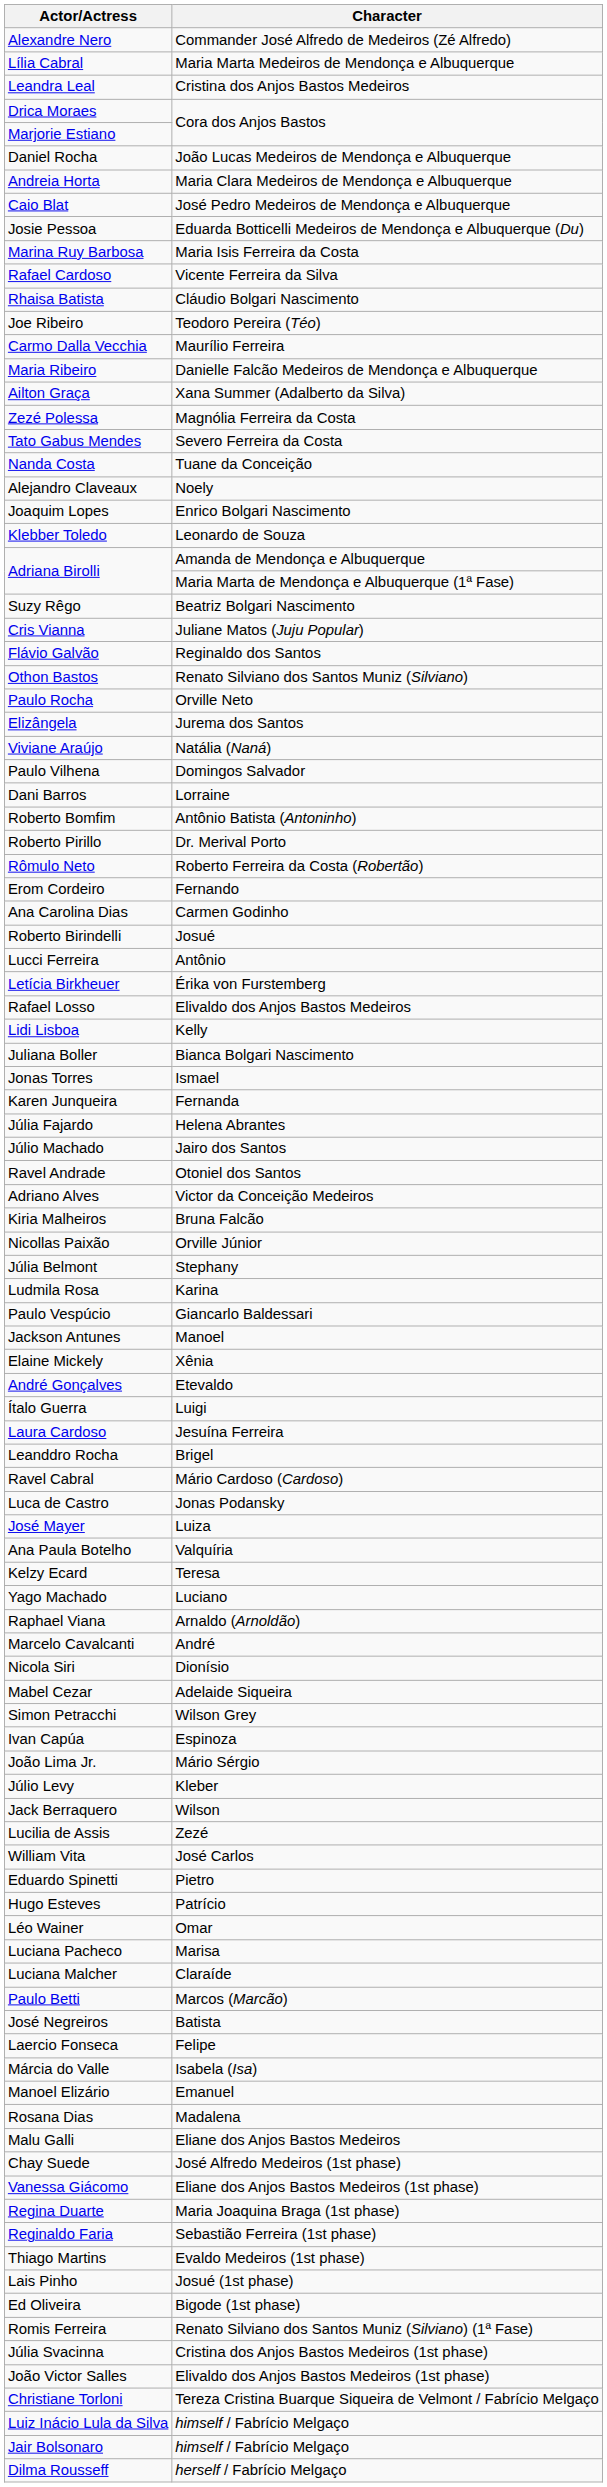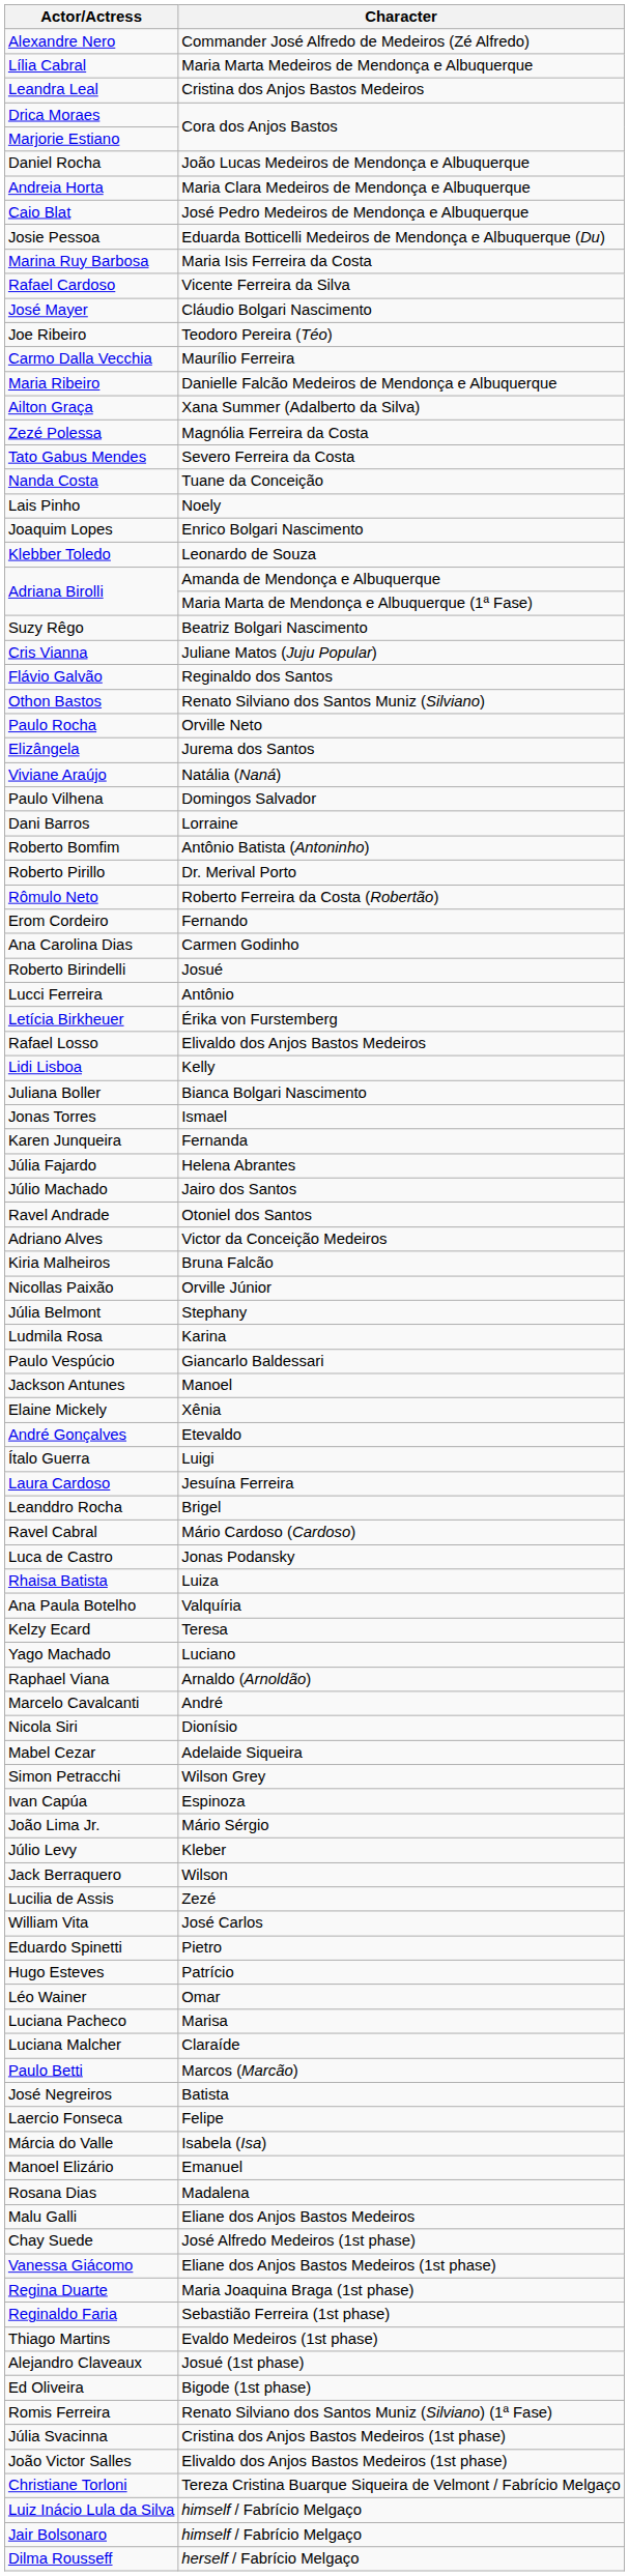 <table class="wikitable">
 <tr>
 <th>Actor/Actress</th>
 <th>Character</th>
 </tr>
 <tr>
 <td><a href='#'>Alexandre Nero</a></td>
 <td>Commander José Alfredo de Medeiros (Zé Alfredo)</td>
 </tr>
 <tr>
 <td><a href='#'>Lília Cabral</a></td>
 <td>Maria Marta Medeiros de Mendonça e Albuquerque</td>
 </tr>
 <tr>
 <td><a href='#'>Leandra Leal</a></td>
 <td>Cristina dos Anjos Bastos Medeiros</td>
 </tr>
 <tr>
 <td><a href='#'>Drica Moraes</a></td>
 <td rowspan="2">Cora dos Anjos Bastos</td>
 </tr>
 <tr>
 <td><a href='#'>Marjorie Estiano</a></td>
 </tr>
 <tr>
 <td>Daniel Rocha</td>
 <td>João Lucas Medeiros de Mendonça e Albuquerque</td>
 </tr>
 <tr>
 <td><a href='#'>Andreia Horta</a></td>
 <td>Maria Clara Medeiros de Mendonça e Albuquerque</td>
 </tr>
 <tr>
 <td><a href='#'>Caio Blat</a></td>
 <td>José Pedro Medeiros de Mendonça e Albuquerque</td>
 </tr>
 <tr>
 <td>Josie Pessoa</td>
 <td>Eduarda Botticelli Medeiros de Mendonça e Albuquerque (<em>Du</em>)</td>
 </tr>
 <tr>
 <td><a href='#'>Marina Ruy Barbosa</a></td>
 <td>Maria Isis Ferreira da Costa</td>
 </tr>
 <tr>
 <td><a href='#'>Rafael Cardoso</a></td>
 <td>Vicente Ferreira da Silva</td>
 </tr>
 <tr>
-<td><a href='#'>Rhaisa Batista</a></td>
+<td><a href='#'>José Mayer</a></td>
 <td>Cláudio Bolgari Nascimento</td>
 </tr>
 <tr>
 <td>Joe Ribeiro</td>
 <td>Teodoro Pereira (<em>Téo</em>)</td>
 </tr>
 <tr>
 <td><a href='#'>Carmo Dalla Vecchia</a></td>
 <td>Maurílio Ferreira</td>
 </tr>
 <tr>
 <td><a href='#'>Maria Ribeiro</a></td>
 <td>Danielle Falcão Medeiros de Mendonça e Albuquerque</td>
 </tr>
 <tr>
 <td><a href='#'>Ailton Graça</a></td>
 <td>Xana Summer (Adalberto da Silva)</td>
 </tr>
 <tr>
 <td><a href='#'>Zezé Polessa</a></td>
 <td>Magnólia Ferreira da Costa</td>
 </tr>
 <tr>
 <td><a href='#'>Tato Gabus Mendes</a></td>
 <td>Severo Ferreira da Costa</td>
 </tr>
 <tr>
 <td><a href='#'>Nanda Costa</a></td>
 <td>Tuane da Conceição</td>
 </tr>
 <tr>
-<td>Alejandro Claveaux</td>
+<td>Lais Pinho</td>
 <td>Noely</td>
 </tr>
 <tr>
 <td>Joaquim Lopes</td>
 <td>Enrico Bolgari Nascimento</td>
 </tr>
 <tr>
 <td><a href='#'>Klebber Toledo</a></td>
 <td>Leonardo de Souza</td>
 </tr>
 <tr>
 <td rowspan="2"><a href='#'>Adriana Birolli</a></td>
 <td>Amanda de Mendonça e Albuquerque</td>
 </tr>
 <tr>
 <td>Maria Marta de Mendonça e Albuquerque (1ª Fase)</td>
 </tr>
 <tr>
 <td>Suzy Rêgo</td>
 <td>Beatriz Bolgari Nascimento</td>
 </tr>
 <tr>
 <td><a href='#'>Cris Vianna</a></td>
 <td>Juliane Matos (<em>Juju Popular</em>)</td>
 </tr>
 <tr>
 <td><a href='#'>Flávio Galvão</a></td>
 <td>Reginaldo dos Santos</td>
 </tr>
 <tr>
 <td><a href='#'>Othon Bastos</a></td>
 <td>Renato Silviano dos Santos Muniz (<em>Silviano</em>)</td>
 </tr>
 <tr>
 <td><a href='#'>Paulo Rocha</a></td>
 <td>Orville Neto</td>
 </tr>
 <tr>
 <td><a href='#'>Elizângela</a></td>
 <td>Jurema dos Santos</td>
 </tr>
 <tr>
 <td><a href='#'>Viviane Araújo</a></td>
 <td>Natália (<em>Naná</em>)</td>
 </tr>
 <tr>
 <td>Paulo Vilhena</td>
 <td>Domingos Salvador</td>
 </tr>
 <tr>
 <td>Dani Barros</td>
 <td>Lorraine</td>
 </tr>
 <tr>
 <td>Roberto Bomfim</td>
 <td>Antônio Batista (<em>Antoninho</em>)</td>
 </tr>
 <tr>
 <td>Roberto Pirillo</td>
 <td>Dr. Merival Porto</td>
 </tr>
 <tr>
 <td><a href='#'>Rômulo Neto</a></td>
 <td>Roberto Ferreira da Costa (<em>Robertão</em>)</td>
 </tr>
 <tr>
 <td>Erom Cordeiro</td>
 <td>Fernando</td>
 </tr>
 <tr>
 <td>Ana Carolina Dias</td>
 <td>Carmen Godinho</td>
 </tr>
 <tr>
 <td>Roberto Birindelli</td>
 <td>Josué</td>
 </tr>
 <tr>
 <td>Lucci Ferreira</td>
 <td>Antônio</td>
 </tr>
 <tr>
 <td><a href='#'>Letícia Birkheuer</a></td>
 <td>Érika von Furstemberg</td>
 </tr>
 <tr>
 <td>Rafael Losso</td>
 <td>Elivaldo dos Anjos Bastos Medeiros</td>
 </tr>
 <tr>
 <td><a href='#'>Lidi Lisboa</a></td>
 <td>Kelly</td>
 </tr>
 <tr>
 <td>Juliana Boller</td>
 <td>Bianca Bolgari Nascimento</td>
 </tr>
 <tr>
 <td>Jonas Torres</td>
 <td>Ismael</td>
 </tr>
 <tr>
 <td>Karen Junqueira</td>
 <td>Fernanda</td>
 </tr>
 <tr>
 <td>Júlia Fajardo</td>
 <td>Helena Abrantes</td>
 </tr>
 <tr>
 <td>Júlio Machado</td>
 <td>Jairo dos Santos</td>
 </tr>
 <tr>
 <td>Ravel Andrade</td>
 <td>Otoniel dos Santos</td>
 </tr>
 <tr>
 <td>Adriano Alves</td>
 <td>Victor da Conceição Medeiros</td>
 </tr>
 <tr>
 <td>Kiria Malheiros</td>
 <td>Bruna Falcão</td>
 </tr>
 <tr>
 <td>Nicollas Paixão</td>
 <td>Orville Júnior</td>
 </tr>
 <tr>
 <td>Júlia Belmont</td>
 <td>Stephany</td>
 </tr>
 <tr>
 <td>Ludmila Rosa</td>
 <td>Karina</td>
 </tr>
 <tr>
 <td>Paulo Vespúcio</td>
 <td>Giancarlo Baldessari</td>
 </tr>
 <tr>
 <td>Jackson Antunes</td>
 <td>Manoel</td>
 </tr>
 <tr>
 <td>Elaine Mickely</td>
 <td>Xênia</td>
 </tr>
 <tr>
 <td><a href='#'>André Gonçalves</a></td>
 <td>Etevaldo</td>
 </tr>
 <tr>
 <td>Ítalo Guerra</td>
 <td>Luigi</td>
 </tr>
 <tr>
 <td><a href='#'>Laura Cardoso</a></td>
 <td>Jesuína Ferreira</td>
 </tr>
 <tr>
 <td>Leanddro Rocha</td>
 <td>Brigel</td>
 </tr>
 <tr>
 <td>Ravel Cabral</td>
 <td>Mário Cardoso (<em>Cardoso</em>)</td>
 </tr>
 <tr>
 <td>Luca de Castro</td>
 <td>Jonas Podansky</td>
 </tr>
 <tr>
-<td><a href='#'>José Mayer</a></td>
+<td><a href='#'>Rhaisa Batista</a></td>
 <td>Luiza</td>
 </tr>
 <tr>
 <td>Ana Paula Botelho</td>
 <td>Valquíria</td>
 </tr>
 <tr>
 <td>Kelzy Ecard</td>
 <td>Teresa</td>
 </tr>
 <tr>
 <td>Yago Machado</td>
 <td>Luciano</td>
 </tr>
 <tr>
 <td>Raphael Viana</td>
 <td>Arnaldo (<em>Arnoldão</em>)</td>
 </tr>
 <tr>
 <td>Marcelo Cavalcanti</td>
 <td>André</td>
 </tr>
 <tr>
 <td>Nicola Siri</td>
 <td>Dionísio</td>
 </tr>
 <tr>
 <td>Mabel Cezar</td>
 <td>Adelaide Siqueira</td>
 </tr>
 <tr>
 <td>Simon Petracchi</td>
 <td>Wilson Grey</td>
 </tr>
 <tr>
 <td>Ivan Capúa</td>
 <td>Espinoza</td>
 </tr>
 <tr>
 <td>João Lima Jr.</td>
 <td>Mário Sérgio</td>
 </tr>
 <tr>
 <td>Júlio Levy</td>
 <td>Kleber</td>
 </tr>
 <tr>
 <td>Jack Berraquero</td>
 <td>Wilson</td>
 </tr>
 <tr>
 <td>Lucilia de Assis</td>
 <td>Zezé</td>
 </tr>
 <tr>
 <td>William Vita</td>
 <td>José Carlos</td>
 </tr>
 <tr>
 <td>Eduardo Spinetti</td>
 <td>Pietro</td>
 </tr>
 <tr>
 <td>Hugo Esteves</td>
 <td>Patrício</td>
 </tr>
 <tr>
 <td>Léo Wainer</td>
 <td>Omar</td>
 </tr>
 <tr>
 <td>Luciana Pacheco</td>
 <td>Marisa</td>
 </tr>
 <tr>
 <td>Luciana Malcher</td>
 <td>Claraíde</td>
 </tr>
 <tr>
 <td><a href='#'>Paulo Betti</a></td>
 <td>Marcos (<em>Marcão</em>)</td>
 </tr>
 <tr>
 <td>José Negreiros</td>
 <td>Batista</td>
 </tr>
 <tr>
 <td>Laercio Fonseca</td>
 <td>Felipe</td>
 </tr>
 <tr>
 <td>Márcia do Valle</td>
 <td>Isabela (<em>Isa</em>)</td>
 </tr>
 <tr>
 <td>Manoel Elizário</td>
 <td>Emanuel</td>
 </tr>
 <tr>
 <td>Rosana Dias</td>
 <td>Madalena</td>
 </tr>
 <tr>
 <td>Malu Galli</td>
 <td>Eliane dos Anjos Bastos Medeiros</td>
 </tr>
 <tr>
 <td>Chay Suede</td>
 <td>José Alfredo Medeiros (1st phase)</td>
 </tr>
 <tr>
 <td><a href='#'>Vanessa Giácomo</a></td>
 <td>Eliane dos Anjos Bastos Medeiros (1st phase)</td>
 </tr>
 <tr>
 <td><a href='#'>Regina Duarte</a></td>
 <td>Maria Joaquina Braga (1st phase)</td>
 </tr>
 <tr>
 <td><a href='#'>Reginaldo Faria</a></td>
 <td>Sebastião Ferreira (1st phase)</td>
 </tr>
 <tr>
 <td>Thiago Martins</td>
 <td>Evaldo Medeiros (1st phase)</td>
 </tr>
 <tr>
-<td>Lais Pinho</td>
+<td>Alejandro Claveaux</td>
 <td>Josué (1st phase)</td>
 </tr>
 <tr>
 <td>Ed Oliveira</td>
 <td>Bigode (1st phase)</td>
 </tr>
 <tr>
 <td>Romis Ferreira</td>
 <td>Renato Silviano dos Santos Muniz (<em>Silviano</em>) (1ª Fase)</td>
 </tr>
 <tr>
 <td>Júlia Svacinna</td>
 <td>Cristina dos Anjos Bastos Medeiros (1st phase)</td>
 </tr>
 <tr>
 <td>João Victor Salles</td>
 <td>Elivaldo dos Anjos Bastos Medeiros (1st phase)</td>
 </tr>
 <tr>
 <td><a href='#'>Christiane Torloni</a></td>
 <td>Tereza Cristina Buarque Siqueira de Velmont / Fabrício Melgaço</td>
 </tr>
 <tr>
 <td><a href='#'>Luiz Inácio Lula da Silva</a></td>
 <td><em>himself</em> / Fabrício Melgaço</td>
 </tr>
 <tr>
 <td><a href='#'>Jair Bolsonaro</a></td>
 <td><em>himself</em> / Fabrício Melgaço</td>
 </tr>
 <tr>
 <td><a href='#'>Dilma Rousseff</a></td>
 <td><em>herself</em> / Fabrício Melgaço</td>
 </tr>
 </table>
